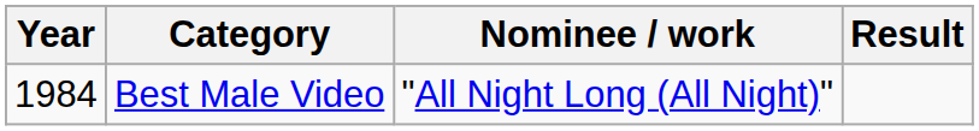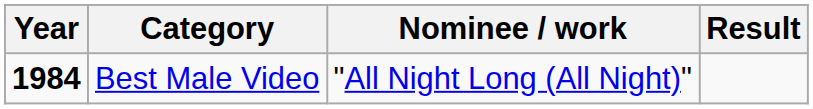 <table class="wikitable">
 <tr>
 <th>Year</th>
 <th>Category</th>
 <th>Nominee / work</th>
 <th>Result</th>
 </tr>
 <tr>
-<td>1984</td>
+<td><strong>1984</strong></td>
 <td><a href='#'>Best Male Video</a></td>
 <td>"<a href='#'>All Night Long (All Night)</a>"</td>
 <td></td>
 </tr>
 </table>
